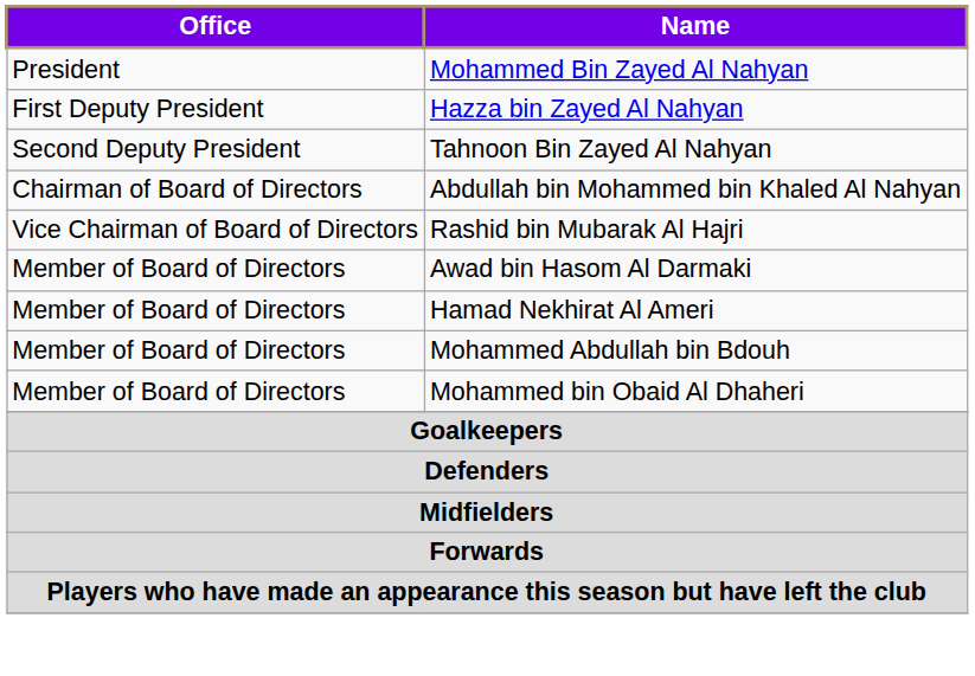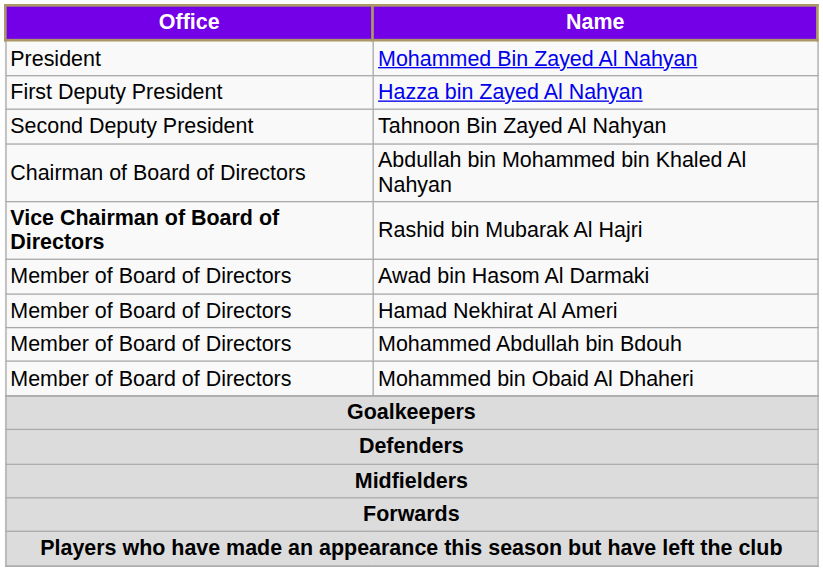 <table class="wikitable">
 <tr>
 <th style="color:#FFFFFF; background: #7300E6; border:2px solid #AB9767;">Office</th>
 <th style="color:#FFFFFF; background: #7300E6; border:2px solid #AB9767;">Name</th>
 </tr>
 <tr>
 <td>President</td>
 <td><a href='#'>Mohammed Bin Zayed Al Nahyan</a></td>
 </tr>
 <tr>
 <td>First Deputy President</td>
 <td><a href='#'>Hazza bin Zayed Al Nahyan</a></td>
 </tr>
 <tr>
 <td>Second Deputy President</td>
 <td>Tahnoon Bin Zayed Al Nahyan</td>
 </tr>
 <tr>
 <td>Chairman of  Board of Directors</td>
 <td>Abdullah bin Mohammed bin Khaled Al Nahyan</td>
 </tr>
 <tr>
-<td>Vice Chairman of Board of Directors</td>
+<td><strong>Vice Chairman of Board of Directors</strong></td>
 <td>Rashid bin Mubarak Al Hajri</td>
 </tr>
 <tr>
 <td>Member of Board of Directors</td>
 <td>Awad bin Hasom Al Darmaki</td>
 </tr>
 <tr>
 <td>Member of Board of Directors</td>
 <td>Hamad Nekhirat Al Ameri</td>
 </tr>
 <tr>
 <td>Member of Board of Directors</td>
 <td>Mohammed Abdullah bin Bdouh</td>
 </tr>
 <tr>
 <td>Member of Board of Directors</td>
 <td>Mohammed bin Obaid Al Dhaheri</td>
 </tr>
 <tr>
 </tr>
 <tr>
 <th colspan=16 style=background:#dcdcdc; text-align:center>Goalkeepers<br>  </th>
 </tr>
 <tr>
 <th colspan=16 style=background:#dcdcdc; text-align:center>Defenders<br>             </th>
 </tr>
 <tr>
 <th colspan=16 style=background:#dcdcdc; text-align:center>Midfielders<br>           </th>
 </tr>
 <tr>
 <th colspan=16 style=background:#dcdcdc; text-align:center>Forwards<br>       </th>
 </tr>
 <tr>
 <th colspan=16 style=background:#dcdcdc; text-align:center>Players who have made an appearance this season but have left the club</th>
 </tr>
 <tr>
 </tr>
 </table>
